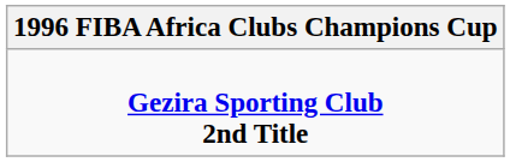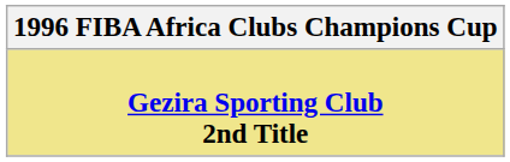 <table class=wikitable style="text-align:center; margin:auto">
 <tr>
 <th>1996 FIBA Africa Clubs Champions Cup</th>
 </tr>
 <tr>
-<td><br><strong><a href='#'>Gezira Sporting Club</a></strong><br><strong>2nd Title</strong></td>
+<td style="background: khaki;"><br><strong><a href='#'>Gezira Sporting Club</a></strong><br><strong>2nd Title</strong></td>
 </tr>
 </table>
